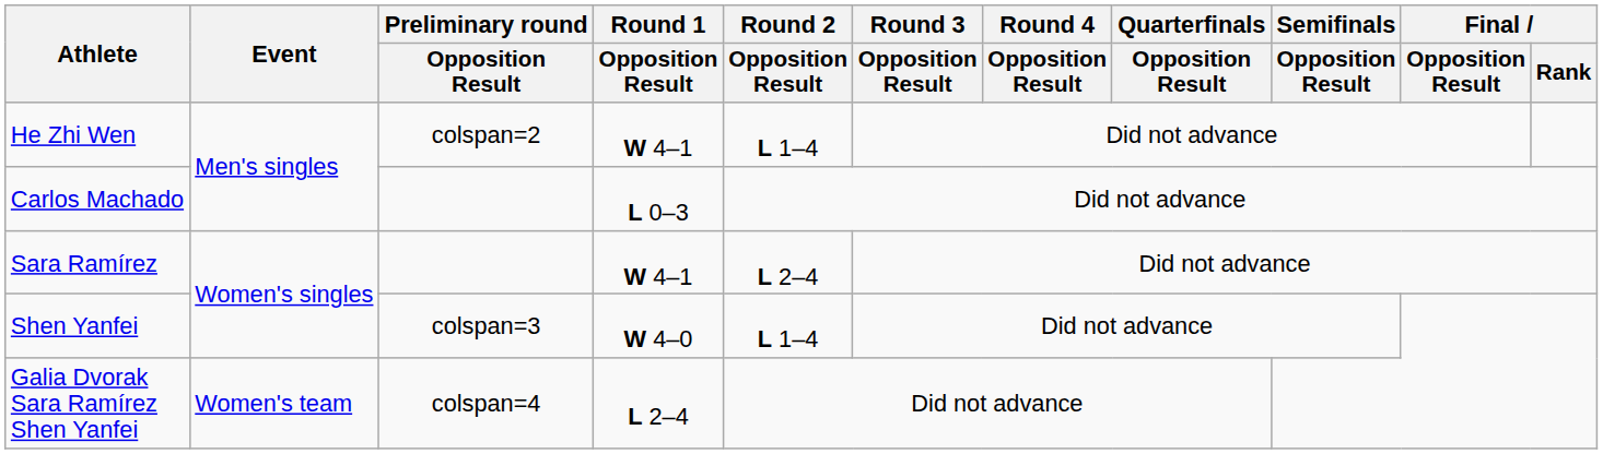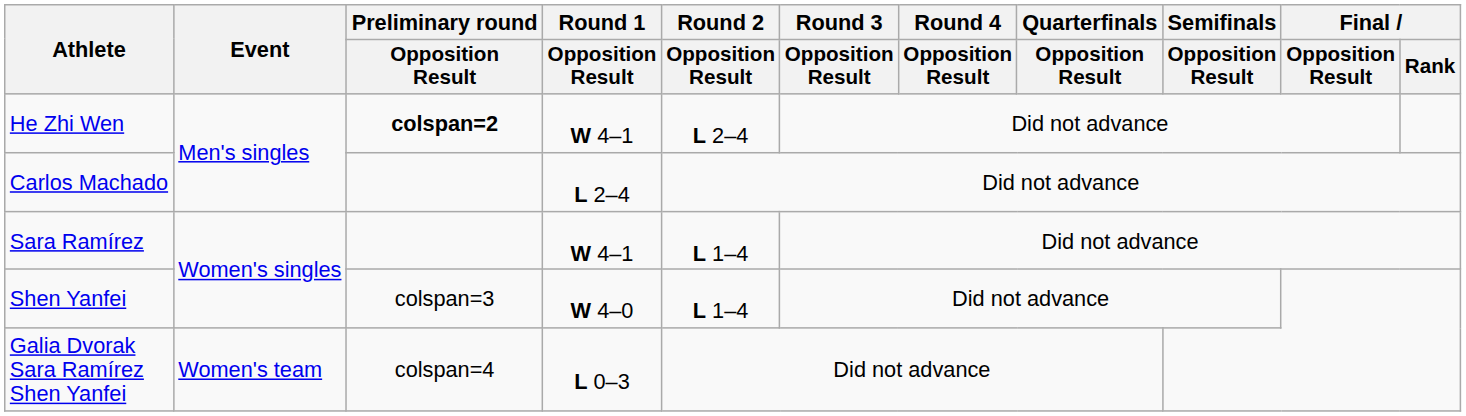 <table class="wikitable" style="font-size:90%">
 <tr>
 <th rowspan=2>Athlete</th>
 <th rowspan=2>Event</th>
 <th>Preliminary round</th>
 <th>Round 1</th>
 <th>Round 2</th>
 <th>Round 3</th>
 <th>Round 4</th>
 <th>Quarterfinals</th>
 <th>Semifinals</th>
 <th colspan=2>Final / </th>
 </tr>
 <tr style="font-size:95%">
 <th>Opposition<br>Result</th>
 <th>Opposition<br>Result</th>
 <th>Opposition<br>Result</th>
 <th>Opposition<br>Result</th>
 <th>Opposition<br>Result</th>
 <th>Opposition<br>Result</th>
 <th>Opposition<br>Result</th>
 <th>Opposition<br>Result</th>
 <th>Rank</th>
 </tr>
 <tr align=center>
 <td align=left><a href='#'>He Zhi Wen</a></td>
 <td align=left rowspan=2><a href='#'>Men's singles</a></td>
-<td>colspan=2 </td>
+<td><strong>colspan=2 </strong></td>
 <td><br><strong>W</strong> 4–1</td>
-<td><br><strong>L</strong> 1–4</td>
+<td><br><strong>L</strong> 2–4</td>
 <td colspan=5>Did not advance</td>
 </tr>
 <tr align=center>
 <td align=left><a href='#'>Carlos Machado</a></td>
 <td></td>
-<td><br><strong>L</strong> 0–3</td>
+<td> <br><strong>L</strong> 2–4</td>
 <td colspan=7>Did not advance</td>
 </tr>
 <tr align=center>
 <td align=left><a href='#'>Sara Ramírez</a></td>
 <td align=left rowspan=2><a href='#'>Women's singles</a></td>
 <td></td>
 <td><br><strong>W</strong> 4–1</td>
-<td><br><strong>L</strong> 2–4</td>
+<td><br><strong>L</strong> 1–4</td>
 <td colspan=6>Did not advance</td>
 </tr>
 <tr align=center>
 <td align=left><a href='#'>Shen Yanfei</a></td>
 <td>colspan=3 </td>
 <td><br><strong>W</strong> 4–0</td>
 <td><br><strong>L</strong> 1–4</td>
 <td colspan=4>Did not advance</td>
 </tr>
 <tr align=center>
 <td align=left><a href='#'>Galia Dvorak</a><br><a href='#'>Sara Ramírez</a><br><a href='#'>Shen Yanfei</a></td>
 <td align=left><a href='#'>Women's team</a></td>
 <td>colspan=4 </td>
-<td> <br><strong>L</strong> 2–4</td>
+<td><br><strong>L</strong> 0–3</td>
 <td colspan=4>Did not advance</td>
 </tr>
 </table>
